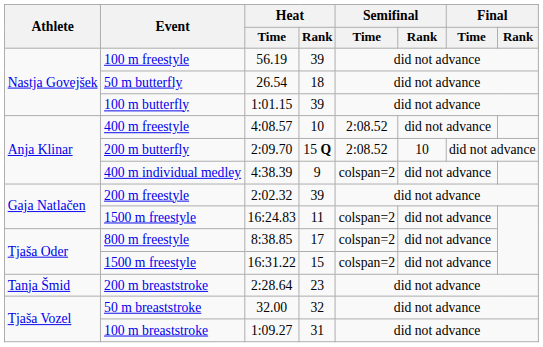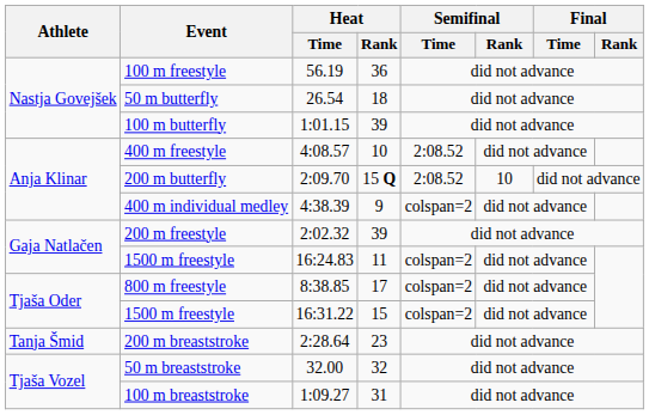 <table class=wikitable style="font-size:90%">
 <tr>
 <th rowspan="2">Athlete</th>
 <th rowspan="2">Event</th>
 <th colspan="2">Heat</th>
 <th colspan="2">Semifinal</th>
 <th colspan="2">Final</th>
 </tr>
 <tr style="font-size:95%">
 <th>Time</th>
 <th>Rank</th>
 <th>Time</th>
 <th>Rank</th>
 <th>Time</th>
 <th>Rank</th>
 </tr>
 <tr align=center>
 <td align=left rowspan=3><a href='#'>Nastja Govejšek</a></td>
 <td align=left><a href='#'>100 m freestyle</a></td>
 <td>56.19</td>
-<td>39</td>
+<td>36</td>
 <td colspan=4>did not advance</td>
 </tr>
 <tr align=center>
 <td align=left><a href='#'>50 m butterfly</a></td>
 <td>26.54</td>
 <td>18</td>
 <td colspan=4>did not advance</td>
 </tr>
 <tr align=center>
 <td align=left><a href='#'>100 m butterfly</a></td>
 <td>1:01.15</td>
 <td>39</td>
 <td colspan=4>did not advance</td>
 </tr>
 <tr align=center>
 <td align=left rowspan=3><a href='#'>Anja Klinar</a></td>
 <td align=left><a href='#'>400 m freestyle</a></td>
 <td>4:08.57</td>
 <td>10</td>
 <td>2:08.52</td>
 <td colspan=2>did not advance</td>
 </tr>
 <tr align=center>
 <td align=left><a href='#'>200 m butterfly</a></td>
 <td>2:09.70</td>
 <td>15 <strong>Q</strong></td>
 <td>2:08.52</td>
 <td>10</td>
 <td colspan=2>did not advance</td>
 </tr>
 <tr align=center>
 <td align=left><a href='#'>400 m individual medley</a></td>
 <td>4:38.39</td>
 <td>9</td>
 <td>colspan=2 </td>
 <td colspan=2>did not advance</td>
 </tr>
 <tr align=center>
 <td align=left rowspan=2><a href='#'>Gaja Natlačen</a></td>
 <td align=left><a href='#'>200 m freestyle</a></td>
 <td>2:02.32</td>
 <td>39</td>
 <td colspan=4>did not advance</td>
 </tr>
 <tr align=center>
 <td align=left><a href='#'>1500 m freestyle</a></td>
 <td>16:24.83</td>
 <td>11</td>
 <td>colspan=2 </td>
 <td colspan=2>did not advance</td>
 </tr>
 <tr align=center>
 <td align=left rowspan=2><a href='#'>Tjaša Oder</a></td>
 <td align=left><a href='#'>800 m freestyle</a></td>
 <td>8:38.85</td>
 <td>17</td>
 <td>colspan=2 </td>
 <td colspan=2>did not advance</td>
 </tr>
 <tr align=center>
 <td align=left><a href='#'>1500 m freestyle</a></td>
 <td>16:31.22</td>
 <td>15</td>
 <td>colspan=2 </td>
 <td colspan=2>did not advance</td>
 </tr>
 <tr align=center>
 <td align=left><a href='#'>Tanja Šmid</a></td>
 <td align=left><a href='#'>200 m breaststroke</a></td>
 <td>2:28.64</td>
 <td>23</td>
 <td colspan=4>did not advance</td>
 </tr>
 <tr align=center>
 <td align=left rowspan=2><a href='#'>Tjaša Vozel</a></td>
 <td align=left><a href='#'>50 m breaststroke</a></td>
 <td>32.00</td>
 <td>32</td>
 <td colspan=4>did not advance</td>
 </tr>
 <tr align=center>
 <td align=left><a href='#'>100 m breaststroke</a></td>
 <td>1:09.27</td>
 <td>31</td>
 <td colspan=4>did not advance</td>
 </tr>
 </table>
